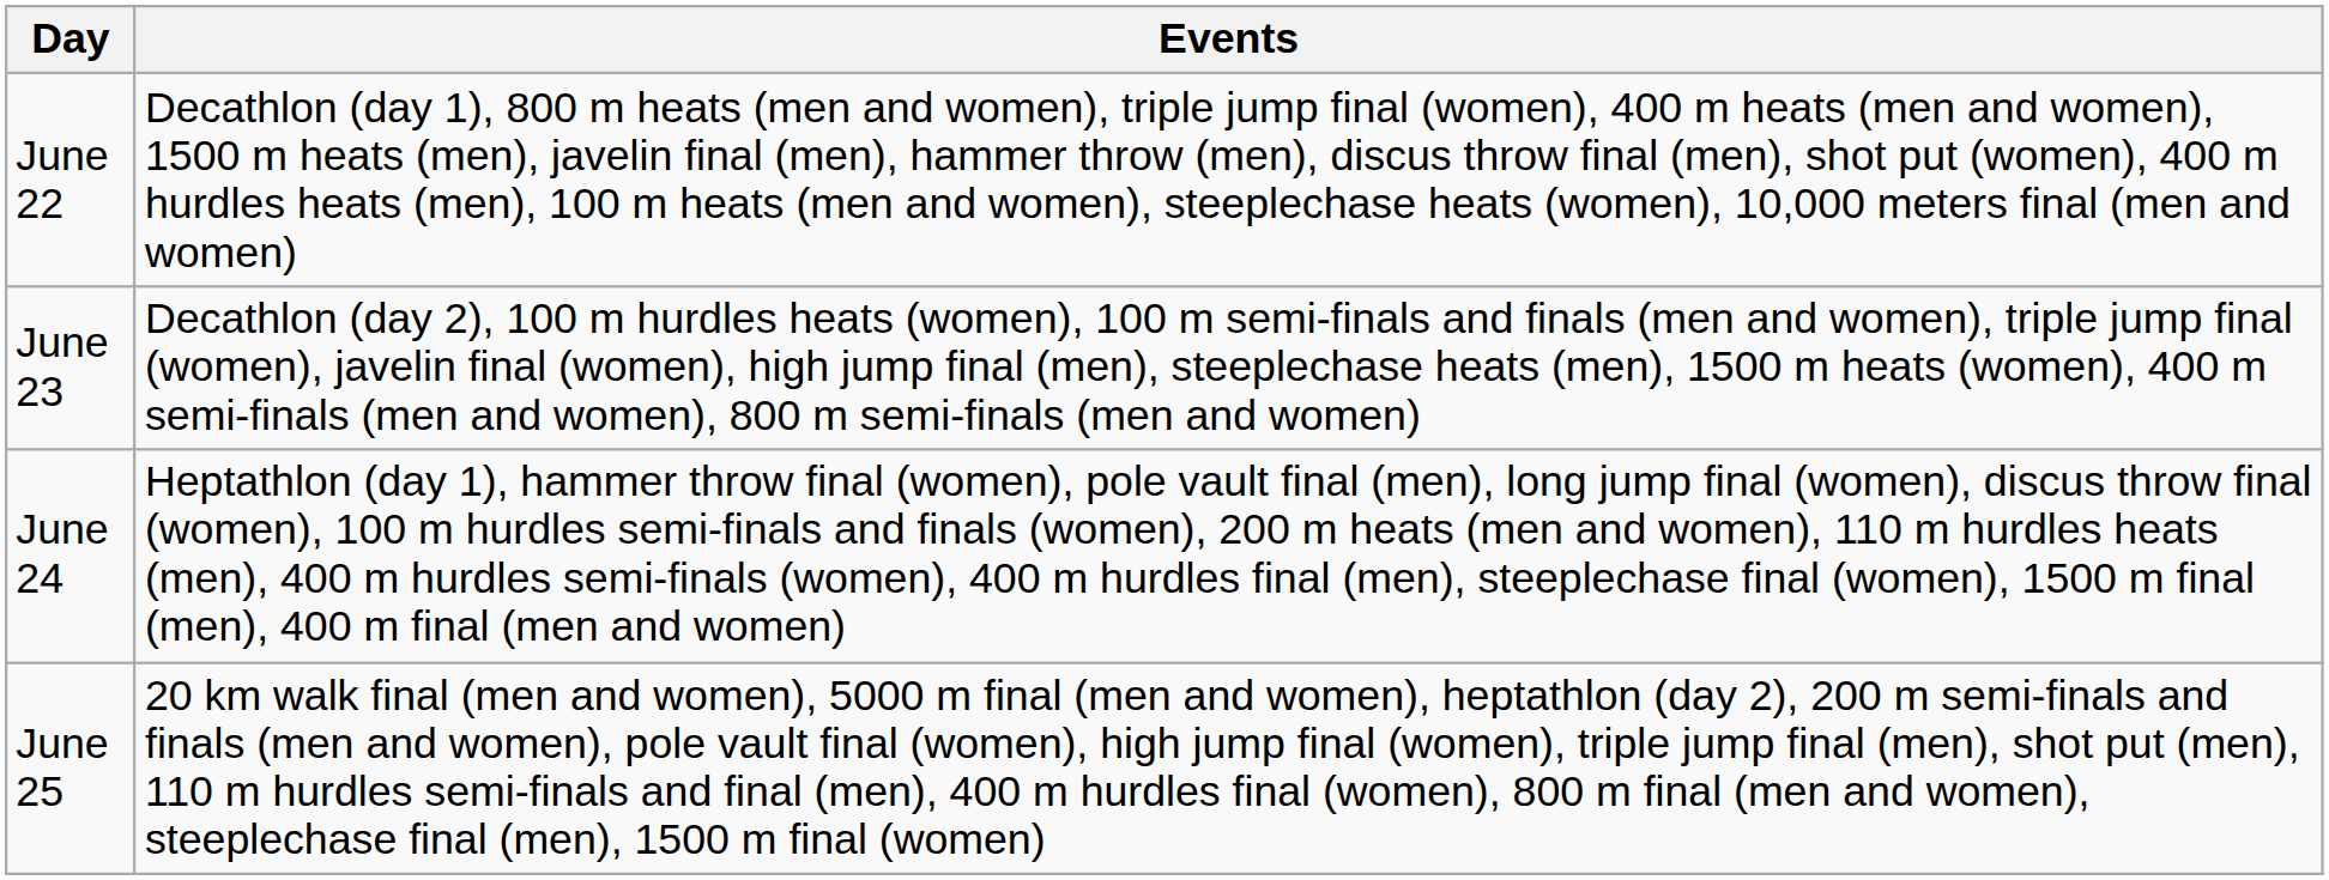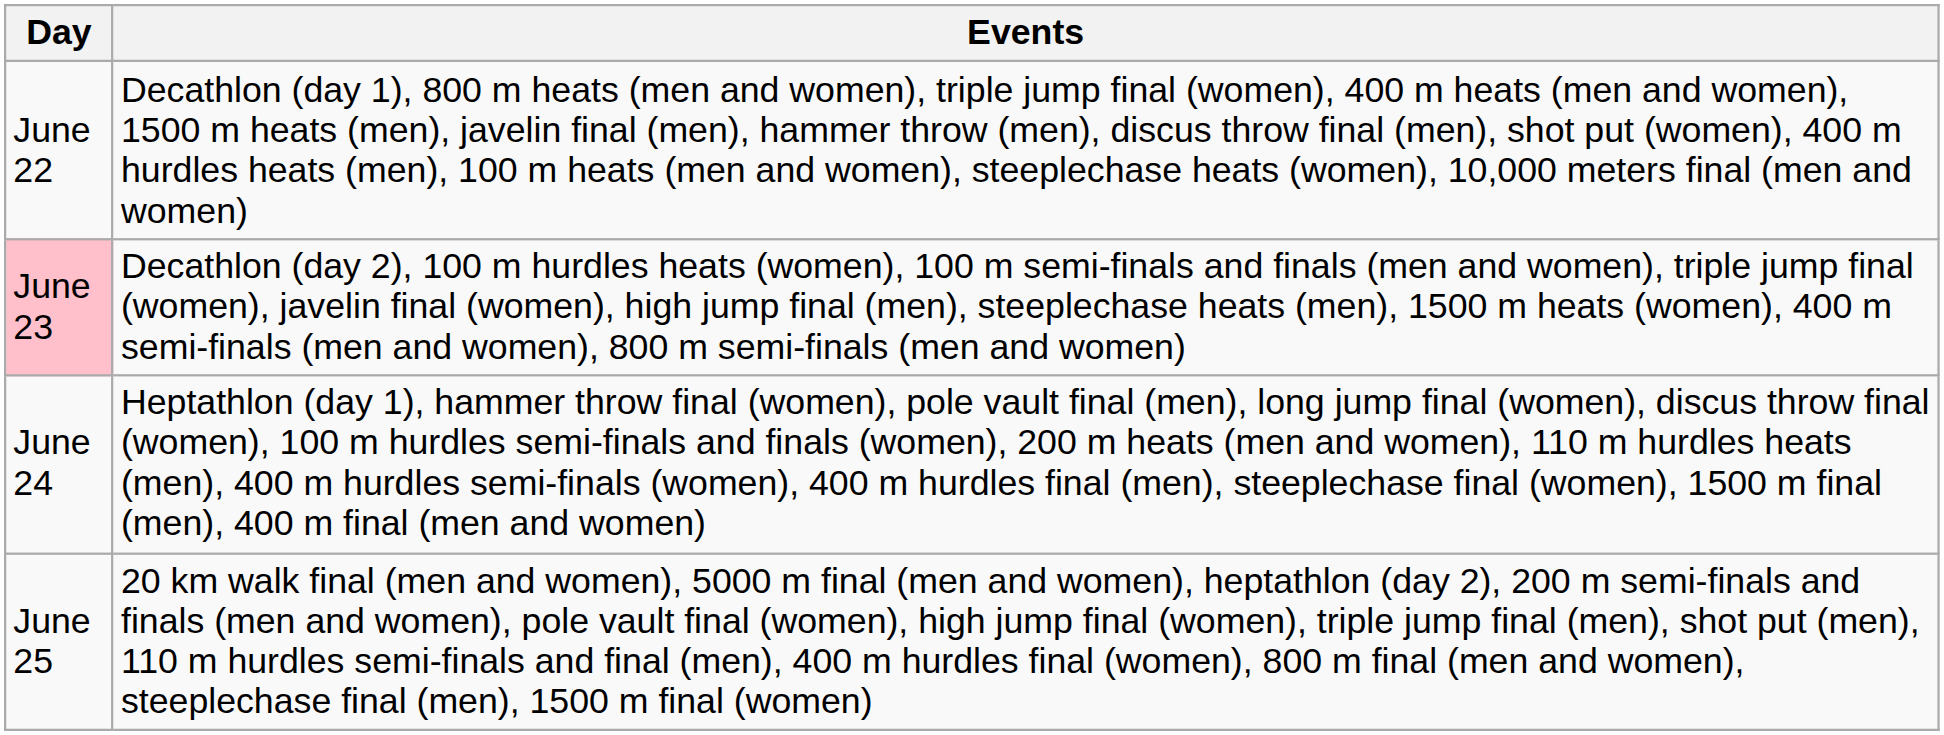 <table class="wikitable sortable">
 <tr>
 <th>Day</th>
 <th>Events</th>
 </tr>
 <tr>
 <td>June 22</td>
 <td>Decathlon (day 1), 800 m heats (men and women), triple jump final (women), 400 m heats (men and women), 1500 m heats (men), javelin final (men), hammer throw (men), discus throw final (men), shot put (women), 400 m hurdles heats (men), 100 m heats (men and women), steeplechase heats (women), 10,000 meters final (men and women)</td>
 </tr>
 <tr>
-<td>June 23</td>
+<td style="background: pink;">June 23</td>
 <td>Decathlon (day 2), 100 m hurdles heats (women), 100 m semi-finals and finals (men and women), triple jump final (women), javelin final (women), high jump final (men), steeplechase heats (men), 1500 m heats (women), 400 m semi-finals (men and women), 800 m semi-finals (men and women)</td>
 </tr>
 <tr>
 <td>June 24</td>
 <td>Heptathlon (day 1), hammer throw final (women), pole vault final (men), long jump final (women), discus throw final (women), 100 m hurdles semi-finals and finals (women), 200 m heats (men and women), 110 m hurdles heats (men), 400 m hurdles semi-finals (women), 400 m hurdles final (men), steeplechase final (women), 1500 m final (men), 400 m final (men and women)</td>
 </tr>
 <tr>
 <td>June 25</td>
 <td>20 km walk final (men and women), 5000 m final (men and women), heptathlon (day 2), 200 m semi-finals and finals (men and women), pole vault final (women), high jump final (women), triple jump final (men), shot put (men), 110 m hurdles semi-finals and final (men), 400 m hurdles final (women), 800 m final (men and women), steeplechase final (men), 1500 m final (women)</td>
 </tr>
 </table>
